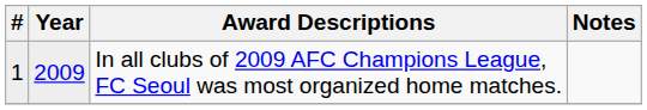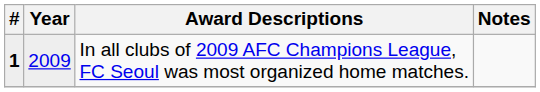 <table class="wikitable">
 <tr>
 <th>#</th>
 <th>Year</th>
 <th>Award Descriptions</th>
 <th>Notes</th>
 </tr>
 <tr>
-<td style="background:#eeeeee">1</td>
+<td style="background:#eeeeee"><strong>1</strong></td>
 <td style="background:#eeeeee"><a href='#'>2009</a></td>
 <td>In all clubs of <a href='#'>2009 AFC Champions League</a>, <br><a href='#'>FC Seoul</a> was most organized home matches.</td>
 <td></td>
 </tr>
 <tr>
 </tr>
 </table>
